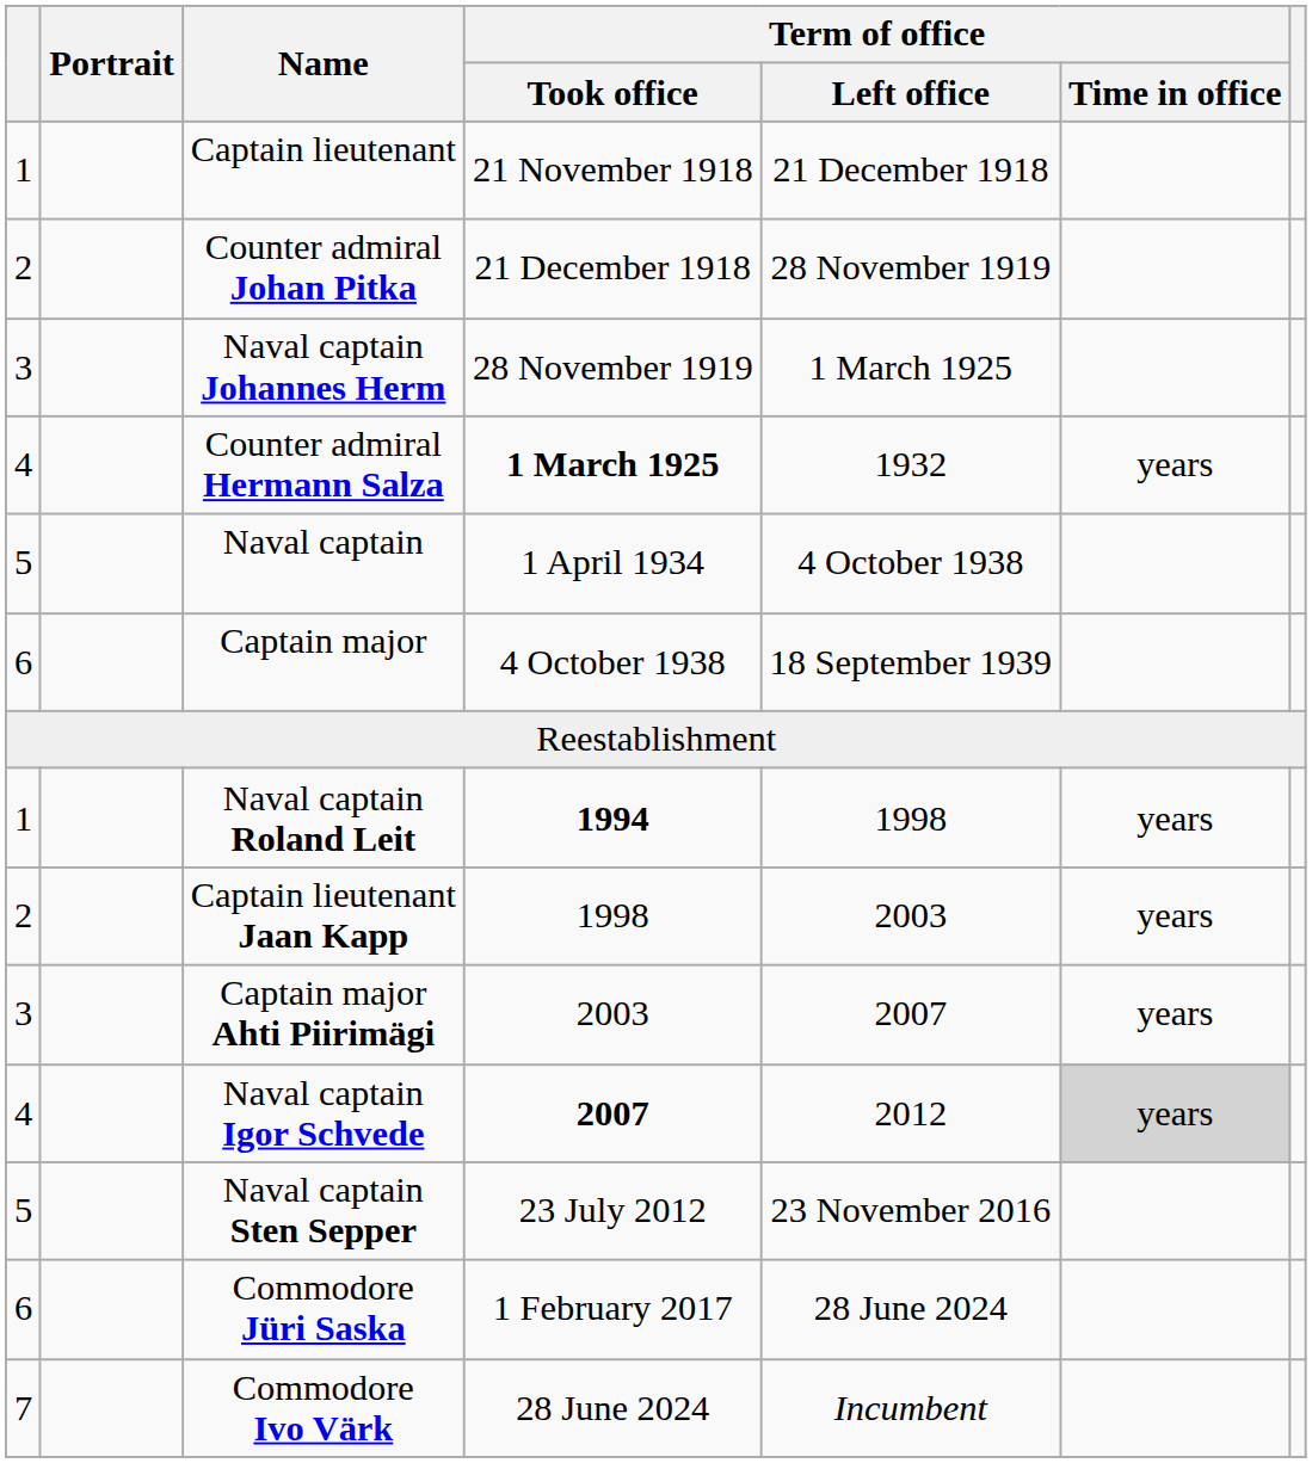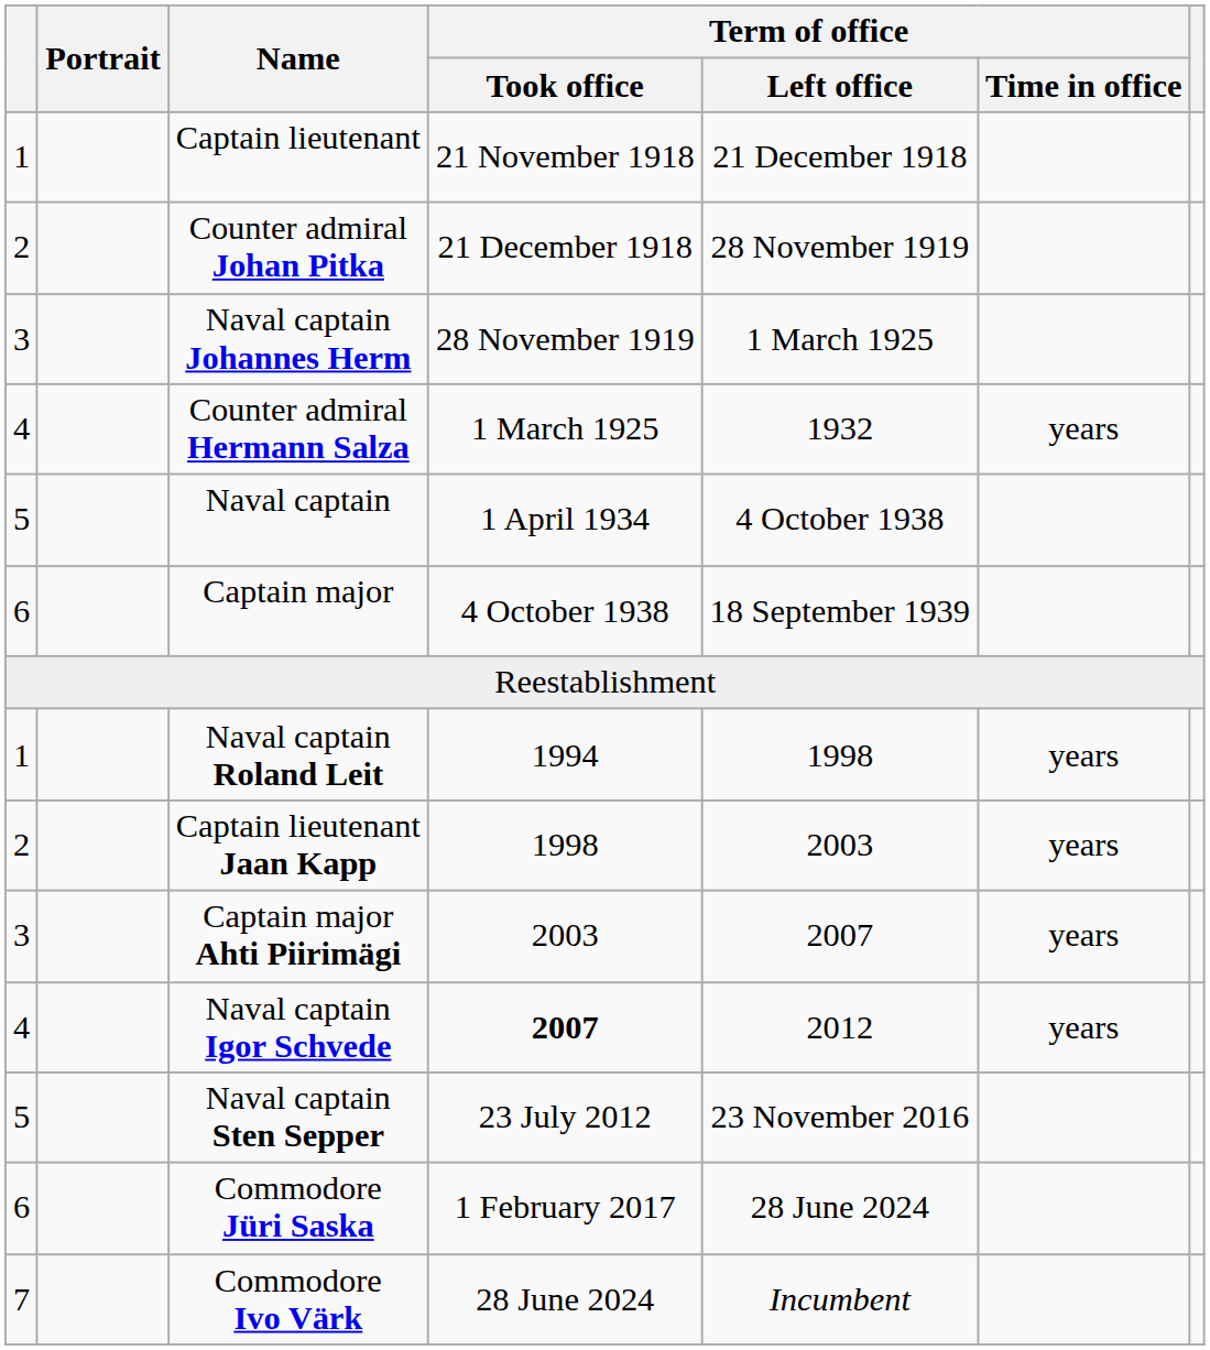 <table class="wikitable" style="text-align:center">
 <tr>
 <th rowspan=2></th>
 <th rowspan=2>Portrait</th>
 <th rowspan=2>Name<br></th>
 <th colspan=3>Term of office</th>
 <th rowspan=2></th>
 </tr>
 <tr>
 <th>Took office</th>
 <th>Left office</th>
 <th>Time in office</th>
 </tr>
 <tr>
 <td>1</td>
 <td></td>
 <td>Captain lieutenant<br><strong></strong><br></td>
 <td>21 November 1918</td>
 <td>21 December 1918</td>
 <td></td>
 <td></td>
 </tr>
 <tr>
 <td>2</td>
 <td></td>
 <td>Counter admiral<br><strong><a href='#'>Johan Pitka</a></strong><br></td>
 <td>21 December 1918</td>
 <td>28 November 1919</td>
 <td></td>
 <td></td>
 </tr>
 <tr>
 <td>3</td>
 <td></td>
 <td>Naval captain<br><strong><a href='#'>Johannes Herm</a></strong><br></td>
 <td>28 November 1919</td>
 <td>1 March 1925</td>
 <td></td>
 <td></td>
 </tr>
 <tr>
 <td>4</td>
 <td></td>
 <td>Counter admiral<br><strong><a href='#'>Hermann Salza</a></strong><br></td>
-<td><strong>1 March 1925</strong></td>
+<td>1 March 1925</td>
 <td>1932</td>
 <td> years</td>
 <td></td>
 </tr>
 <tr>
 <td>5</td>
 <td></td>
 <td>Naval captain<br><strong></strong><br></td>
 <td>1 April 1934</td>
 <td>4 October 1938</td>
 <td></td>
 <td></td>
 </tr>
 <tr>
 <td>6</td>
 <td></td>
 <td>Captain major<br><strong></strong><br></td>
 <td>4 October 1938</td>
 <td>18 September 1939</td>
 <td></td>
 <td></td>
 </tr>
 <tr style="background:#efefef;">
 <td colspan=7>Reestablishment</td>
 </tr>
 <tr>
 <td>1</td>
 <td></td>
 <td>Naval captain<br><strong>Roland Leit</strong></td>
-<td><strong>1994</strong></td>
+<td>1994</td>
 <td>1998</td>
 <td> years</td>
 <td></td>
 </tr>
 <tr>
 <td>2</td>
 <td></td>
 <td>Captain lieutenant<br><strong>Jaan Kapp</strong></td>
 <td>1998</td>
 <td>2003</td>
 <td> years</td>
 <td></td>
 </tr>
 <tr>
 <td>3</td>
 <td></td>
 <td>Captain major<br><strong>Ahti Piirimägi</strong></td>
 <td>2003</td>
 <td>2007</td>
 <td> years</td>
 <td></td>
 </tr>
 <tr>
 <td>4</td>
 <td></td>
 <td>Naval captain<br><strong><a href='#'>Igor Schvede</a></strong><br></td>
 <td><strong>2007</strong></td>
 <td>2012</td>
-<td style="background: lightgrey;"> years</td>
+<td> years</td>
 <td></td>
 </tr>
 <tr>
 <td>5</td>
 <td></td>
 <td>Naval captain<br><strong>Sten Sepper</strong><br></td>
 <td>23 July 2012</td>
 <td>23 November 2016</td>
 <td></td>
 </tr>
 <tr>
 <td>6</td>
 <td></td>
 <td>Commodore<br><strong><a href='#'>Jüri Saska</a></strong><br></td>
 <td>1 February 2017</td>
 <td>28 June 2024</td>
 <td></td>
 <td></td>
 </tr>
 <tr>
 <td>7</td>
 <td></td>
 <td>Commodore<br><strong><a href='#'>Ivo Värk</a></strong><br></td>
 <td>28 June 2024</td>
 <td><em>Incumbent</em></td>
 <td></td>
 </tr>
 </table>
